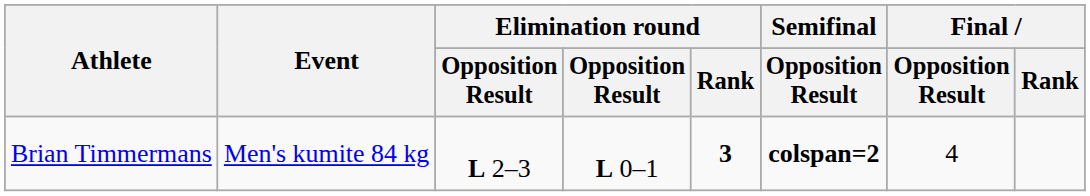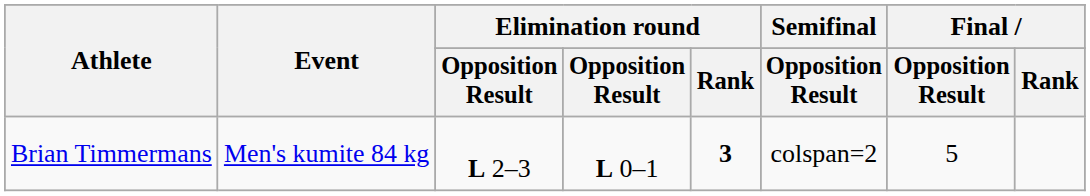 <table class=wikitable style=font-size:90%;text-align:center>
 <tr>
 <th rowspan=2>Athlete</th>
 <th rowspan=2>Event</th>
 <th colspan=3>Elimination round</th>
 <th>Semifinal</th>
 <th colspan=2>Final / </th>
 </tr>
 <tr style=font-size:95%>
 <th>Opposition<br>Result</th>
 <th>Opposition<br>Result</th>
 <th>Rank</th>
 <th>Opposition<br>Result</th>
 <th>Opposition<br>Result</th>
 <th>Rank</th>
 </tr>
 <tr>
 <td align=left><a href='#'>Brian Timmermans</a></td>
 <td align=left><a href='#'>Men's kumite 84 kg</a></td>
 <td><br><strong>L</strong> 2–3</td>
 <td><br><strong>L</strong> 0–1</td>
 <td><strong>3</strong></td>
-<td><strong>colspan=2 </strong></td>
-<td>4</td>
+<td>colspan=2 </td>
+<td>5</td>
 </tr>
 </table>
